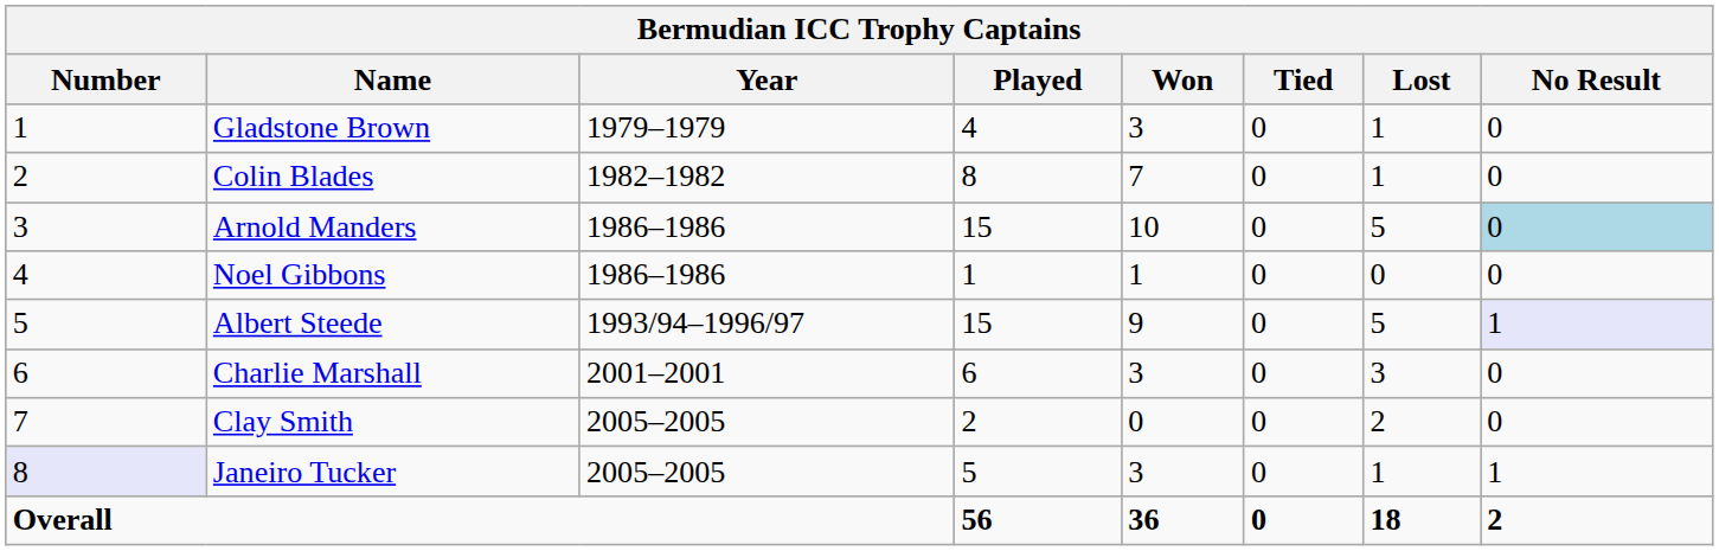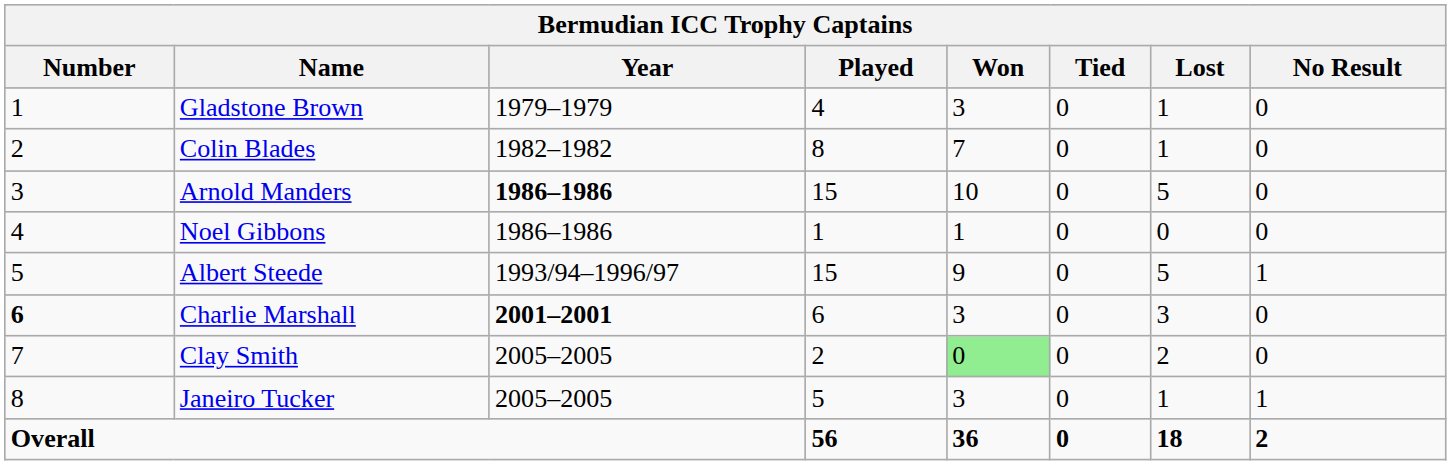 <table class="wikitable" width="70%">
 <tr>
 <th bgcolor="#efefef" colspan=9>Bermudian ICC Trophy Captains</th>
 </tr>
 <tr bgcolor="#efefef">
 <th>Number</th>
 <th>Name</th>
 <th>Year</th>
 <th>Played</th>
 <th>Won</th>
 <th>Tied</th>
 <th>Lost</th>
 <th>No Result</th>
 </tr>
 <tr>
 <td>1</td>
 <td><a href='#'>Gladstone Brown</a></td>
 <td>1979–1979</td>
 <td>4</td>
 <td>3</td>
 <td>0</td>
 <td>1</td>
 <td>0</td>
 </tr>
 <tr>
 <td>2</td>
 <td><a href='#'>Colin Blades</a></td>
 <td>1982–1982</td>
 <td>8</td>
 <td>7</td>
 <td>0</td>
 <td>1</td>
 <td>0</td>
 </tr>
 <tr>
 <td>3</td>
 <td><a href='#'>Arnold Manders</a></td>
-<td>1986–1986</td>
+<td><strong>1986–1986</strong></td>
 <td>15</td>
 <td>10</td>
 <td>0</td>
 <td>5</td>
-<td style="background: lightblue;">0</td>
+<td>0</td>
 </tr>
 <tr>
 <td>4</td>
 <td><a href='#'>Noel Gibbons</a></td>
 <td>1986–1986</td>
 <td>1</td>
 <td>1</td>
 <td>0</td>
 <td>0</td>
 <td>0</td>
 </tr>
 <tr>
 <td>5</td>
 <td><a href='#'>Albert Steede</a></td>
 <td>1993/94–1996/97</td>
 <td>15</td>
 <td>9</td>
 <td>0</td>
 <td>5</td>
-<td style="background: lavender;">1</td>
+<td>1</td>
 </tr>
 <tr>
-<td>6</td>
+<td><strong>6</strong></td>
 <td><a href='#'>Charlie Marshall</a></td>
-<td>2001–2001</td>
+<td><strong>2001–2001</strong></td>
 <td>6</td>
 <td>3</td>
 <td>0</td>
 <td>3</td>
 <td>0</td>
 </tr>
 <tr>
 <td>7</td>
 <td><a href='#'>Clay Smith</a></td>
 <td>2005–2005</td>
 <td>2</td>
-<td>0</td>
+<td style="background: lightgreen;">0</td>
 <td>0</td>
 <td>2</td>
 <td>0</td>
 </tr>
 <tr>
-<td style="background: lavender;">8</td>
+<td>8</td>
 <td><a href='#'>Janeiro Tucker</a></td>
 <td>2005–2005</td>
 <td>5</td>
 <td>3</td>
 <td>0</td>
 <td>1</td>
 <td>1</td>
 </tr>
 <tr>
 <td colspan=3><strong>Overall</strong></td>
 <td><strong>56</strong></td>
 <td><strong>36</strong></td>
 <td><strong>0</strong></td>
 <td><strong>18</strong></td>
 <td><strong>2</strong></td>
 </tr>
 </table>
